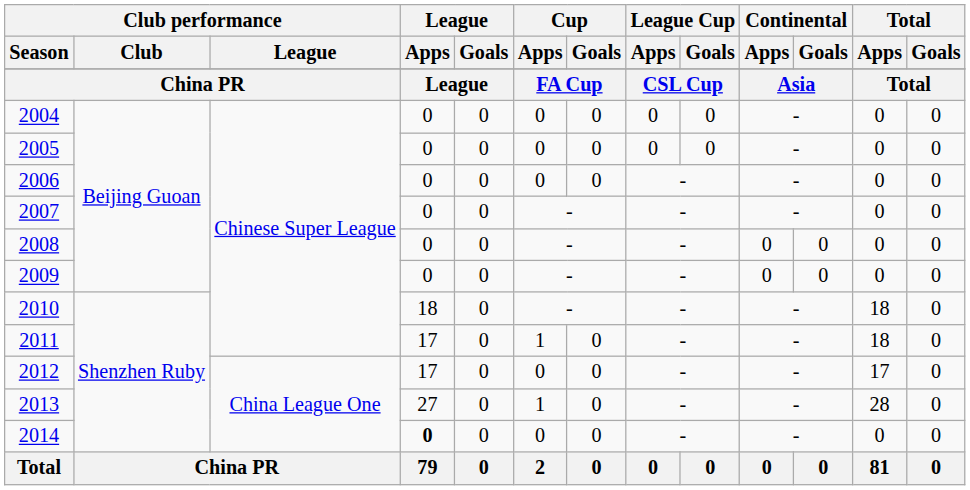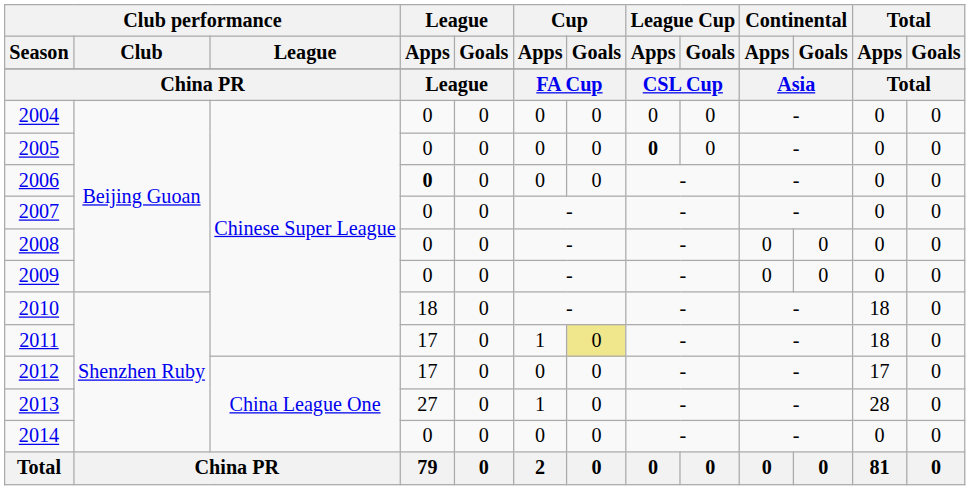 <table class="wikitable" style="text-align:center">
 <tr>
 <th colspan=3>Club performance</th>
 <th colspan=2>League</th>
 <th colspan=2>Cup</th>
 <th colspan=2>League Cup</th>
 <th colspan=2>Continental</th>
 <th colspan=2>Total</th>
 </tr>
 <tr>
 <th>Season</th>
 <th>Club</th>
 <th>League</th>
 <th>Apps</th>
 <th>Goals</th>
 <th>Apps</th>
 <th>Goals</th>
 <th>Apps</th>
 <th>Goals</th>
 <th>Apps</th>
 <th>Goals</th>
 <th>Apps</th>
 <th>Goals</th>
 </tr>
 <tr>
 </tr>
 <tr>
 <th colspan=3>China PR</th>
 <th colspan=2>League</th>
 <th colspan=2><a href='#'>FA Cup</a></th>
 <th colspan=2><a href='#'>CSL Cup</a></th>
 <th colspan=2><a href='#'>Asia</a></th>
 <th colspan=2>Total</th>
 </tr>
 <tr>
 <td><a href='#'>2004</a></td>
 <td rowspan="6"><a href='#'>Beijing Guoan</a></td>
 <td rowspan="8"><a href='#'>Chinese Super League</a></td>
 <td>0</td>
 <td>0</td>
 <td>0</td>
 <td>0</td>
 <td>0</td>
 <td>0</td>
 <td colspan="2">-</td>
 <td>0</td>
 <td>0</td>
 </tr>
 <tr>
 <td><a href='#'>2005</a></td>
 <td>0</td>
 <td>0</td>
 <td>0</td>
 <td>0</td>
-<td>0</td>
+<td><strong>0</strong></td>
 <td>0</td>
 <td colspan="2">-</td>
 <td>0</td>
 <td>0</td>
 </tr>
 <tr>
 <td><a href='#'>2006</a></td>
-<td>0</td>
+<td><strong>0</strong></td>
 <td>0</td>
 <td>0</td>
 <td>0</td>
 <td colspan="2">-</td>
 <td colspan="2">-</td>
 <td>0</td>
 <td>0</td>
 </tr>
 <tr>
 <td><a href='#'>2007</a></td>
 <td>0</td>
 <td>0</td>
 <td colspan="2">-</td>
 <td colspan="2">-</td>
 <td colspan="2">-</td>
 <td>0</td>
 <td>0</td>
 </tr>
 <tr>
 <td><a href='#'>2008</a></td>
 <td>0</td>
 <td>0</td>
 <td colspan="2">-</td>
 <td colspan="2">-</td>
 <td>0</td>
 <td>0</td>
 <td>0</td>
 <td>0</td>
 </tr>
 <tr>
 <td><a href='#'>2009</a></td>
 <td>0</td>
 <td>0</td>
 <td colspan="2">-</td>
 <td colspan="2">-</td>
 <td>0</td>
 <td>0</td>
 <td>0</td>
 <td>0</td>
 </tr>
 <tr>
 <td><a href='#'>2010</a></td>
 <td rowspan="5"><a href='#'>Shenzhen Ruby</a></td>
 <td>18</td>
 <td>0</td>
 <td colspan="2">-</td>
 <td colspan="2">-</td>
 <td colspan="2">-</td>
 <td>18</td>
 <td>0</td>
 </tr>
 <tr>
 <td><a href='#'>2011</a></td>
 <td>17</td>
 <td>0</td>
 <td>1</td>
-<td>0</td>
+<td style="background: khaki;">0</td>
 <td colspan="2">-</td>
 <td colspan="2">-</td>
 <td>18</td>
 <td>0</td>
 </tr>
 <tr>
 <td><a href='#'>2012</a></td>
 <td rowspan="3"><a href='#'>China League One</a></td>
 <td>17</td>
 <td>0</td>
 <td>0</td>
 <td>0</td>
 <td colspan="2">-</td>
 <td colspan="2">-</td>
 <td>17</td>
 <td>0</td>
 </tr>
 <tr>
 <td><a href='#'>2013</a></td>
 <td>27</td>
 <td>0</td>
 <td>1</td>
 <td>0</td>
 <td colspan="2">-</td>
 <td colspan="2">-</td>
 <td>28</td>
 <td>0</td>
 </tr>
 <tr>
 <td><a href='#'>2014</a></td>
-<td><strong>0</strong></td>
+<td>0</td>
 <td>0</td>
 <td>0</td>
 <td>0</td>
 <td colspan="2">-</td>
 <td colspan="2">-</td>
 <td>0</td>
 <td>0</td>
 </tr>
 <tr>
 <th rowspan=3>Total</th>
 <th colspan=2>China PR</th>
 <th>79</th>
 <th>0</th>
 <th>2</th>
 <th>0</th>
 <th>0</th>
 <th>0</th>
 <th>0</th>
 <th>0</th>
 <th>81</th>
 <th>0</th>
 </tr>
 </table>
